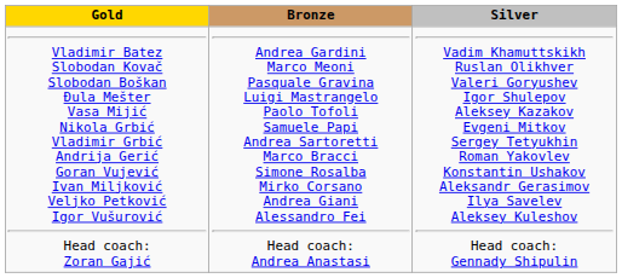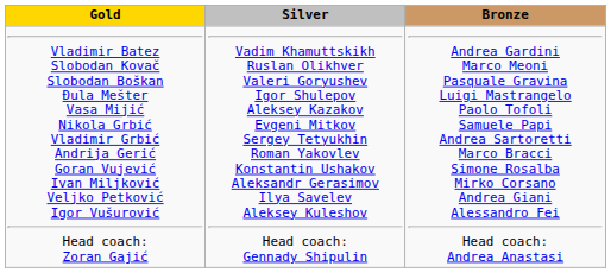 <table class="wikitable" style="text-align:center; font-size:95%;">
 <tr>
 <th style="width:15em; background:gold">Gold</th>
+<th style="width:15em; background:silver">Silver</th>
 <th style="width:15em; background:#cc9966">Bronze</th>
-<th style="width:15em; background:silver">Silver</th>
 </tr>
 <tr>
 <td><hr><a href='#'>Vladimir Batez</a><br><a href='#'>Slobodan Kovač</a><br><a href='#'>Slobodan Boškan</a><br><a href='#'>Đula Mešter</a><br><a href='#'>Vasa Mijić</a><br><a href='#'>Nikola Grbić</a><br><a href='#'>Vladimir Grbić</a><br><a href='#'>Andrija Gerić</a><br><a href='#'>Goran Vujević</a><br><a href='#'>Ivan Miljković</a><br><a href='#'>Veljko Petković</a><br><a href='#'>Igor Vušurović</a><br><hr>Head coach:<br><a href='#'>Zoran Gajić</a></td>
+<td><hr><a href='#'>Vadim Khamuttskikh</a><br><a href='#'>Ruslan Olikhver</a><br><a href='#'>Valeri Goryushev</a><br><a href='#'>Igor Shulepov</a><br><a href='#'>Aleksey Kazakov</a><br><a href='#'>Evgeni Mitkov</a><br><a href='#'>Sergey Tetyukhin</a><br><a href='#'>Roman Yakovlev</a><br><a href='#'>Konstantin Ushakov</a><br><a href='#'>Aleksandr Gerasimov</a><br><a href='#'>Ilya Savelev</a><br><a href='#'>Aleksey Kuleshov</a><br><hr>Head coach:<br><a href='#'>Gennady Shipulin</a></td>
 <td><hr><a href='#'>Andrea Gardini</a><br><a href='#'>Marco Meoni</a><br><a href='#'>Pasquale Gravina</a><br><a href='#'>Luigi Mastrangelo</a><br><a href='#'>Paolo Tofoli</a><br><a href='#'>Samuele Papi</a><br><a href='#'>Andrea Sartoretti</a><br><a href='#'>Marco Bracci</a><br><a href='#'>Simone Rosalba</a><br><a href='#'>Mirko Corsano</a><br><a href='#'>Andrea Giani</a><br><a href='#'>Alessandro Fei</a><br><hr>Head coach:<br><a href='#'>Andrea Anastasi</a></td>
-<td><hr><a href='#'>Vadim Khamuttskikh</a><br><a href='#'>Ruslan Olikhver</a><br><a href='#'>Valeri Goryushev</a><br><a href='#'>Igor Shulepov</a><br><a href='#'>Aleksey Kazakov</a><br><a href='#'>Evgeni Mitkov</a><br><a href='#'>Sergey Tetyukhin</a><br><a href='#'>Roman Yakovlev</a><br><a href='#'>Konstantin Ushakov</a><br><a href='#'>Aleksandr Gerasimov</a><br><a href='#'>Ilya Savelev</a><br><a href='#'>Aleksey Kuleshov</a><br><hr>Head coach:<br><a href='#'>Gennady Shipulin</a></td>
 </tr>
 </table>
